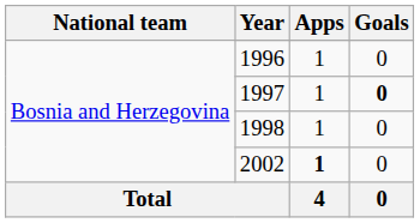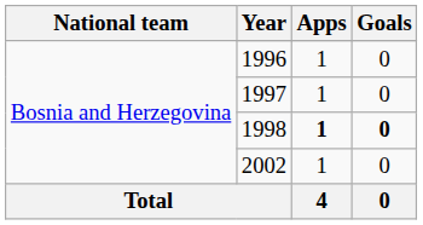 <table class="wikitable" style="text-align: center;">
 <tr>
 <th>National team</th>
 <th>Year</th>
 <th>Apps</th>
 <th>Goals</th>
 </tr>
 <tr>
 <td rowspan="5"><a href='#'>Bosnia and Herzegovina</a></td>
 </tr>
 <tr>
 <td>1996</td>
 <td>1</td>
 <td>0</td>
 </tr>
 <tr>
 <td>1997</td>
 <td>1</td>
+<td>0</td>
+</tr>
+<tr>
+<td>1998</td>
+<td><strong>1</strong></td>
 <td><strong>0</strong></td>
 </tr>
 <tr>
-<td>1998</td>
+<td>2002</td>
 <td>1</td>
-<td>0</td>
-</tr>
-<tr>
-<td>2002</td>
-<td><strong>1</strong></td>
 <td>0</td>
 </tr>
 <tr>
 <th colspan="2">Total</th>
 <th>4</th>
 <th>0</th>
 </tr>
 </table>
